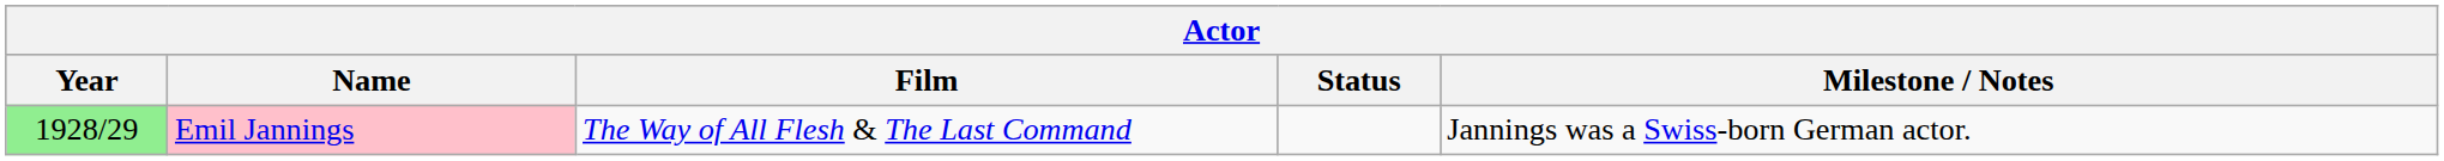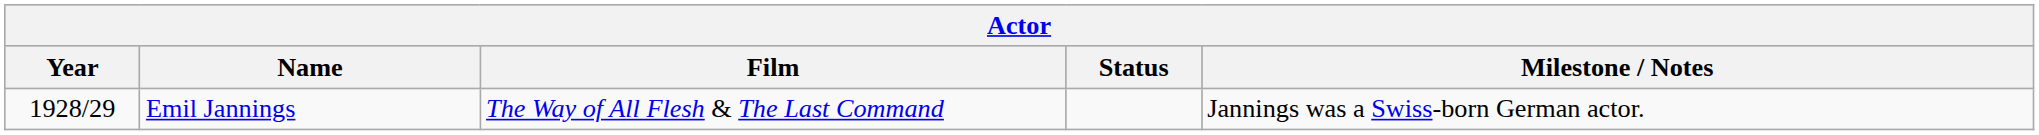 <table class="wikitable" style="text-align: left">
 <tr>
 <th colspan=6 style="text-align:center;"><a href='#'>Actor</a></th>
 </tr>
 <tr>
 <th style="width:075px;">Year</th>
 <th style="width:200px;">Name</th>
 <th style="width:350px;">Film</th>
 <th style="width:075px;">Status</th>
 <th style="width:500px;">Milestone / Notes</th>
 </tr>
 <tr>
-<td style="background: lightgreen; text-align: center">1928/29</td>
-<td style="background: pink;"><a href='#'>Emil Jannings</a></td>
+<td style="text-align: center">1928/29</td>
+<td><a href='#'>Emil Jannings</a></td>
 <td><em><a href='#'>The Way of All Flesh</a></em> & <em><a href='#'>The Last Command</a></em></td>
 <td></td>
 <td>Jannings was a <a href='#'>Swiss</a>-born German actor.</td>
 </tr>
 </table>
